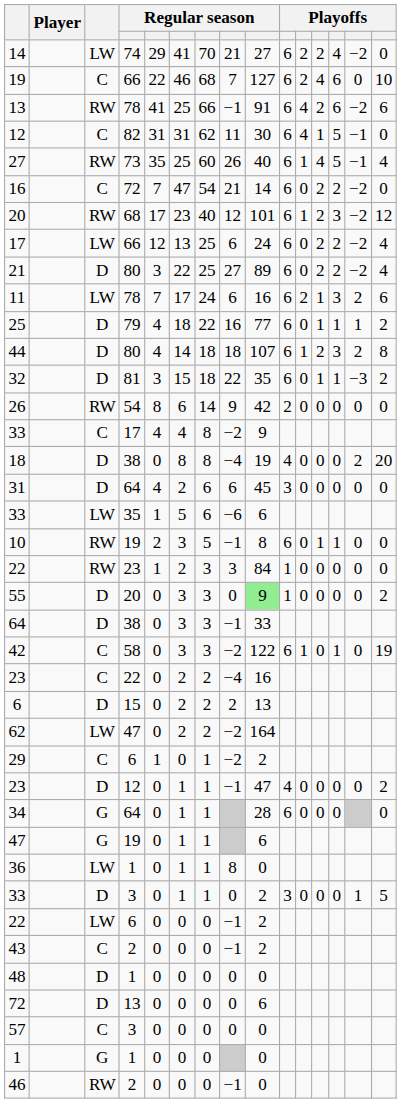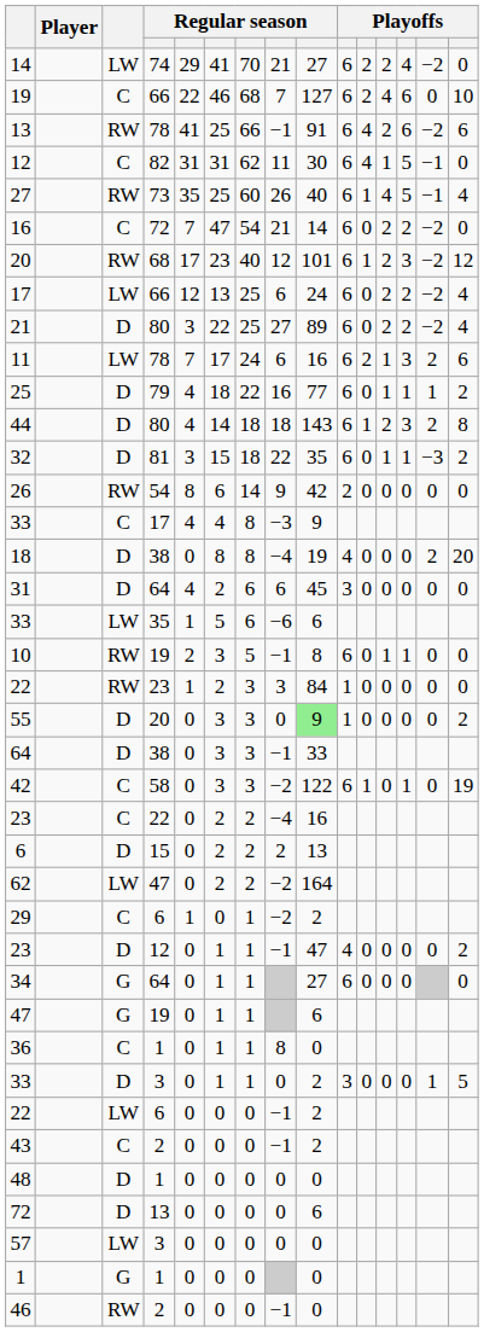 <table class="wikitable sortable plainrowheaders" style="text-align:center;">
 <tr>
 <th scope="col" data-sort-type="number" rowspan="2"></th>
 <th scope="col" rowspan="2">Player</th>
 <th scope="col" rowspan="2"></th>
 <th scope=colgroup colspan=6>Regular season</th>
 <th scope=colgroup colspan=6>Playoffs</th>
 </tr>
 <tr>
 <th scope="col" data-sort-type="number"></th>
 <th scope="col" data-sort-type="number"></th>
 <th scope="col" data-sort-type="number"></th>
 <th scope="col" data-sort-type="number"></th>
 <th scope="col" data-sort-type="number"></th>
 <th scope="col" data-sort-type="number"></th>
 <th scope="col" data-sort-type="number"></th>
 <th scope="col" data-sort-type="number"></th>
 <th scope="col" data-sort-type="number"></th>
 <th scope="col" data-sort-type="number"></th>
 <th scope="col" data-sort-type="number"></th>
 <th scope="col" data-sort-type="number"></th>
 </tr>
 <tr>
 <td scope="row">14</td>
 <td align="left"></td>
 <td>LW</td>
 <td>74</td>
 <td>29</td>
 <td>41</td>
 <td>70</td>
 <td>21</td>
 <td>27</td>
 <td>6</td>
 <td>2</td>
 <td>2</td>
 <td>4</td>
 <td>−2</td>
 <td>0</td>
 </tr>
 <tr>
 <td scope="row">19</td>
 <td align="left"></td>
 <td>C</td>
 <td>66</td>
 <td>22</td>
 <td>46</td>
 <td>68</td>
 <td>7</td>
 <td>127</td>
 <td>6</td>
 <td>2</td>
 <td>4</td>
 <td>6</td>
 <td>0</td>
 <td>10</td>
 </tr>
 <tr>
 <td scope="row">13</td>
 <td align="left"></td>
 <td>RW</td>
 <td>78</td>
 <td>41</td>
 <td>25</td>
 <td>66</td>
 <td>−1</td>
 <td>91</td>
 <td>6</td>
 <td>4</td>
 <td>2</td>
 <td>6</td>
 <td>−2</td>
 <td>6</td>
 </tr>
 <tr>
 <td scope="row">12</td>
 <td align="left"></td>
 <td>C</td>
 <td>82</td>
 <td>31</td>
 <td>31</td>
 <td>62</td>
 <td>11</td>
 <td>30</td>
 <td>6</td>
 <td>4</td>
 <td>1</td>
 <td>5</td>
 <td>−1</td>
 <td>0</td>
 </tr>
 <tr>
 <td scope="row">27</td>
 <td align="left"></td>
 <td>RW</td>
 <td>73</td>
 <td>35</td>
 <td>25</td>
 <td>60</td>
 <td>26</td>
 <td>40</td>
 <td>6</td>
 <td>1</td>
 <td>4</td>
 <td>5</td>
 <td>−1</td>
 <td>4</td>
 </tr>
 <tr>
 <td scope="row">16</td>
 <td align="left"></td>
 <td>C</td>
 <td>72</td>
 <td>7</td>
 <td>47</td>
 <td>54</td>
 <td>21</td>
 <td>14</td>
 <td>6</td>
 <td>0</td>
 <td>2</td>
 <td>2</td>
 <td>−2</td>
 <td>0</td>
 </tr>
 <tr>
 <td scope="row">20</td>
 <td align="left"></td>
 <td>RW</td>
 <td>68</td>
 <td>17</td>
 <td>23</td>
 <td>40</td>
 <td>12</td>
 <td>101</td>
 <td>6</td>
 <td>1</td>
 <td>2</td>
 <td>3</td>
 <td>−2</td>
 <td>12</td>
 </tr>
 <tr>
 <td scope="row">17</td>
 <td align="left"></td>
 <td>LW</td>
 <td>66</td>
 <td>12</td>
 <td>13</td>
 <td>25</td>
 <td>6</td>
 <td>24</td>
 <td>6</td>
 <td>0</td>
 <td>2</td>
 <td>2</td>
 <td>−2</td>
 <td>4</td>
 </tr>
 <tr>
 <td scope="row">21</td>
 <td align="left"></td>
 <td>D</td>
 <td>80</td>
 <td>3</td>
 <td>22</td>
 <td>25</td>
 <td>27</td>
 <td>89</td>
 <td>6</td>
 <td>0</td>
 <td>2</td>
 <td>2</td>
 <td>−2</td>
 <td>4</td>
 </tr>
 <tr>
 <td scope="row">11</td>
 <td align="left"></td>
 <td>LW</td>
 <td>78</td>
 <td>7</td>
 <td>17</td>
 <td>24</td>
 <td>6</td>
 <td>16</td>
 <td>6</td>
 <td>2</td>
 <td>1</td>
 <td>3</td>
 <td>2</td>
 <td>6</td>
 </tr>
 <tr>
 <td scope="row">25</td>
 <td align="left"></td>
 <td>D</td>
 <td>79</td>
 <td>4</td>
 <td>18</td>
 <td>22</td>
 <td>16</td>
 <td>77</td>
 <td>6</td>
 <td>0</td>
 <td>1</td>
 <td>1</td>
 <td>1</td>
 <td>2</td>
 </tr>
 <tr>
 <td scope="row">44</td>
 <td align="left"></td>
 <td>D</td>
 <td>80</td>
 <td>4</td>
 <td>14</td>
 <td>18</td>
 <td>18</td>
-<td>107</td>
+<td>143</td>
 <td>6</td>
 <td>1</td>
 <td>2</td>
 <td>3</td>
 <td>2</td>
 <td>8</td>
 </tr>
 <tr>
 <td scope="row">32</td>
 <td align="left"></td>
 <td>D</td>
 <td>81</td>
 <td>3</td>
 <td>15</td>
 <td>18</td>
 <td>22</td>
 <td>35</td>
 <td>6</td>
 <td>0</td>
 <td>1</td>
 <td>1</td>
 <td>−3</td>
 <td>2</td>
 </tr>
 <tr>
 <td scope="row">26</td>
 <td align="left"></td>
 <td>RW</td>
 <td>54</td>
 <td>8</td>
 <td>6</td>
 <td>14</td>
 <td>9</td>
 <td>42</td>
 <td>2</td>
 <td>0</td>
 <td>0</td>
 <td>0</td>
 <td>0</td>
 <td>0</td>
 </tr>
 <tr>
 <td scope="row">33</td>
 <td align="left"></td>
 <td>C</td>
 <td>17</td>
 <td>4</td>
 <td>4</td>
 <td>8</td>
-<td>−2</td>
+<td>−3</td>
 <td>9</td>
 <td></td>
 <td></td>
 <td></td>
 <td></td>
 <td></td>
 <td></td>
 </tr>
 <tr>
 <td scope="row">18</td>
 <td align="left"></td>
 <td>D</td>
 <td>38</td>
 <td>0</td>
 <td>8</td>
 <td>8</td>
 <td>−4</td>
 <td>19</td>
 <td>4</td>
 <td>0</td>
 <td>0</td>
 <td>0</td>
 <td>2</td>
 <td>20</td>
 </tr>
 <tr>
 <td scope="row">31</td>
 <td align="left"></td>
 <td>D</td>
 <td>64</td>
 <td>4</td>
 <td>2</td>
 <td>6</td>
 <td>6</td>
 <td>45</td>
 <td>3</td>
 <td>0</td>
 <td>0</td>
 <td>0</td>
 <td>0</td>
 <td>0</td>
 </tr>
 <tr>
 <td scope="row">33</td>
 <td align="left"></td>
 <td>LW</td>
 <td>35</td>
 <td>1</td>
 <td>5</td>
 <td>6</td>
 <td>−6</td>
 <td>6</td>
 <td></td>
 <td></td>
 <td></td>
 <td></td>
 <td></td>
 <td></td>
 </tr>
 <tr>
 <td scope="row">10</td>
 <td align="left"></td>
 <td>RW</td>
 <td>19</td>
 <td>2</td>
 <td>3</td>
 <td>5</td>
 <td>−1</td>
 <td>8</td>
 <td>6</td>
 <td>0</td>
 <td>1</td>
 <td>1</td>
 <td>0</td>
 <td>0</td>
 </tr>
 <tr>
 <td scope="row">22</td>
 <td align="left"></td>
 <td>RW</td>
 <td>23</td>
 <td>1</td>
 <td>2</td>
 <td>3</td>
 <td>3</td>
 <td>84</td>
 <td>1</td>
 <td>0</td>
 <td>0</td>
 <td>0</td>
 <td>0</td>
 <td>0</td>
 </tr>
 <tr>
 <td scope="row">55</td>
 <td align="left"></td>
 <td>D</td>
 <td>20</td>
 <td>0</td>
 <td>3</td>
 <td>3</td>
 <td>0</td>
 <td style="background: lightgreen;">9</td>
 <td>1</td>
 <td>0</td>
 <td>0</td>
 <td>0</td>
 <td>0</td>
 <td>2</td>
 </tr>
 <tr>
 <td scope="row">64</td>
 <td align="left"></td>
 <td>D</td>
 <td>38</td>
 <td>0</td>
 <td>3</td>
 <td>3</td>
 <td>−1</td>
 <td>33</td>
 <td></td>
 <td></td>
 <td></td>
 <td></td>
 <td></td>
 <td></td>
 </tr>
 <tr>
 <td scope="row">42</td>
 <td align="left"></td>
 <td>C</td>
 <td>58</td>
 <td>0</td>
 <td>3</td>
 <td>3</td>
 <td>−2</td>
 <td>122</td>
 <td>6</td>
 <td>1</td>
 <td>0</td>
 <td>1</td>
 <td>0</td>
 <td>19</td>
 </tr>
 <tr>
 <td scope="row">23</td>
 <td align="left"></td>
 <td>C</td>
 <td>22</td>
 <td>0</td>
 <td>2</td>
 <td>2</td>
 <td>−4</td>
 <td>16</td>
 <td></td>
 <td></td>
 <td></td>
 <td></td>
 <td></td>
 <td></td>
 </tr>
 <tr>
 <td scope="row">6</td>
 <td align="left"></td>
 <td>D</td>
 <td>15</td>
 <td>0</td>
 <td>2</td>
 <td>2</td>
 <td>2</td>
 <td>13</td>
 <td></td>
 <td></td>
 <td></td>
 <td></td>
 <td></td>
 <td></td>
 </tr>
 <tr>
 <td scope="row">62</td>
 <td align="left"></td>
 <td>LW</td>
 <td>47</td>
 <td>0</td>
 <td>2</td>
 <td>2</td>
 <td>−2</td>
 <td>164</td>
 <td></td>
 <td></td>
 <td></td>
 <td></td>
 <td></td>
 <td></td>
 </tr>
 <tr>
 <td scope="row">29</td>
 <td align="left"></td>
 <td>C</td>
 <td>6</td>
 <td>1</td>
 <td>0</td>
 <td>1</td>
 <td>−2</td>
 <td>2</td>
 <td></td>
 <td></td>
 <td></td>
 <td></td>
 <td></td>
 <td></td>
 </tr>
 <tr>
 <td scope="row">23</td>
 <td align="left"></td>
 <td>D</td>
 <td>12</td>
 <td>0</td>
 <td>1</td>
 <td>1</td>
 <td>−1</td>
 <td>47</td>
 <td>4</td>
 <td>0</td>
 <td>0</td>
 <td>0</td>
 <td>0</td>
 <td>2</td>
 </tr>
 <tr>
 <td scope="row">34</td>
 <td align="left"></td>
 <td>G</td>
 <td>64</td>
 <td>0</td>
 <td>1</td>
 <td>1</td>
 <td style="background:#ccc"></td>
-<td>28</td>
+<td>27</td>
 <td>6</td>
 <td>0</td>
 <td>0</td>
 <td>0</td>
 <td style="background:#ccc"></td>
 <td>0</td>
 </tr>
 <tr>
 <td scope="row">47</td>
 <td align="left"></td>
 <td>G</td>
 <td>19</td>
 <td>0</td>
 <td>1</td>
 <td>1</td>
 <td style="background:#ccc"></td>
 <td>6</td>
 <td></td>
 <td></td>
 <td></td>
 <td></td>
 <td></td>
 <td></td>
 </tr>
 <tr>
 <td scope="row">36</td>
 <td align="left"></td>
-<td>LW</td>
+<td>C</td>
 <td>1</td>
 <td>0</td>
 <td>1</td>
 <td>1</td>
 <td>8</td>
 <td>0</td>
 <td></td>
 <td></td>
 <td></td>
 <td></td>
 <td></td>
 <td></td>
 </tr>
 <tr>
 <td scope="row">33</td>
 <td align="left"></td>
 <td>D</td>
 <td>3</td>
 <td>0</td>
 <td>1</td>
 <td>1</td>
 <td>0</td>
 <td>2</td>
 <td>3</td>
 <td>0</td>
 <td>0</td>
 <td>0</td>
 <td>1</td>
 <td>5</td>
 </tr>
 <tr>
 <td scope="row">22</td>
 <td align="left"></td>
 <td>LW</td>
 <td>6</td>
 <td>0</td>
 <td>0</td>
 <td>0</td>
 <td>−1</td>
 <td>2</td>
 <td></td>
 <td></td>
 <td></td>
 <td></td>
 <td></td>
 <td></td>
 </tr>
 <tr>
 <td scope="row">43</td>
 <td align="left"></td>
 <td>C</td>
 <td>2</td>
 <td>0</td>
 <td>0</td>
 <td>0</td>
 <td>−1</td>
 <td>2</td>
 <td></td>
 <td></td>
 <td></td>
 <td></td>
 <td></td>
 <td></td>
 </tr>
 <tr>
 <td scope="row">48</td>
 <td align="left"></td>
 <td>D</td>
 <td>1</td>
 <td>0</td>
 <td>0</td>
 <td>0</td>
 <td>0</td>
 <td>0</td>
 <td></td>
 <td></td>
 <td></td>
 <td></td>
 <td></td>
 <td></td>
 </tr>
 <tr>
 <td scope="row">72</td>
 <td align="left"></td>
 <td>D</td>
 <td>13</td>
 <td>0</td>
 <td>0</td>
 <td>0</td>
 <td>0</td>
 <td>6</td>
 <td></td>
 <td></td>
 <td></td>
 <td></td>
 <td></td>
 <td></td>
 </tr>
 <tr>
 <td scope="row">57</td>
 <td align="left"></td>
-<td>C</td>
+<td>LW</td>
 <td>3</td>
 <td>0</td>
 <td>0</td>
 <td>0</td>
 <td>0</td>
 <td>0</td>
 <td></td>
 <td></td>
 <td></td>
 <td></td>
 <td></td>
 <td></td>
 </tr>
 <tr>
 <td scope="row">1</td>
 <td align="left"></td>
 <td>G</td>
 <td>1</td>
 <td>0</td>
 <td>0</td>
 <td>0</td>
 <td style="background:#ccc"></td>
 <td>0</td>
 <td></td>
 <td></td>
 <td></td>
 <td></td>
 <td></td>
 <td></td>
 </tr>
 <tr>
 <td scope="row">46</td>
 <td align="left"></td>
 <td>RW</td>
 <td>2</td>
 <td>0</td>
 <td>0</td>
 <td>0</td>
 <td>−1</td>
 <td>0</td>
 <td></td>
 <td></td>
 <td></td>
 <td></td>
 <td></td>
 <td></td>
 </tr>
 </table>
